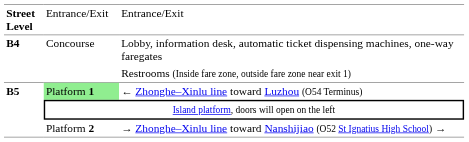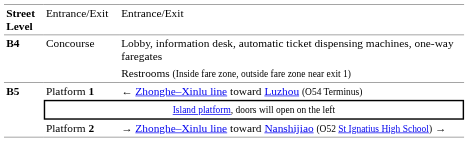 <table table border=0 cellspacing=0 cellpadding=3>
 <tr>
 <td style="border-bottom:solid 1px gray;border-top:solid 1px gray;" width=50 valign=top><strong>Street Level</strong></td>
 <td style="border-top:solid 1px gray;border-bottom:solid 1px gray;" width=100 valign=top>Entrance/Exit</td>
 <td style="border-top:solid 1px gray;border-bottom:solid 1px gray;" width=480 valign=top>Entrance/Exit</td>
 </tr>
 <tr>
 <td style="border-bottom:solid 1px gray;" rowspan=2 valign=top><strong>B4</strong></td>
 <td style="border-bottom:solid 1px gray;" rowspan=2 valign=top>Concourse</td>
 <td width=480>Lobby, information desk, automatic ticket dispensing machines, one-way faregates</td>
 </tr>
 <tr>
 <td style="border-bottom:solid 1px gray;">Restrooms <small> (Inside fare zone, outside fare zone near exit 1)</small></td>
 </tr>
 <tr>
 <td style="border-bottom:solid 1px gray;" rowspan=3 valign=top><strong>B5</strong></td>
-<td style="background: lightgreen;">Platform <span><strong>1</strong></span></td>
+<td>Platform <span><strong>1</strong></span></td>
 <td>←  <a href='#'>Zhonghe–Xinlu line</a> toward <a href='#'>Luzhou</a> <small>(O54 Terminus)</small></td>
 </tr>
 <tr>
 <td style="border-top:solid 2px black;border-right:solid 2px black;border-left:solid 2px black;border-bottom:solid 2px black;text-align:center;" colspan=2><small><a href='#'>Island platform</a>, doors will open on the left</small></td>
 </tr>
 <tr>
 <td style="border-bottom:solid 1px gray;">Platform <span><strong>2</strong></span></td>
 <td style="border-bottom:solid 1px gray;"><span>→</span>  <a href='#'>Zhonghe–Xinlu line</a> toward <a href='#'>Nanshijiao</a> <small>(O52 <a href='#'>St Ignatius High School</a>)</small> →</td>
 </tr>
 </table>
